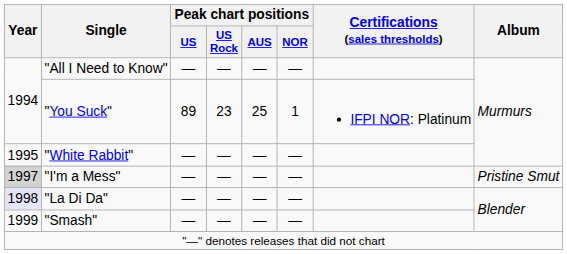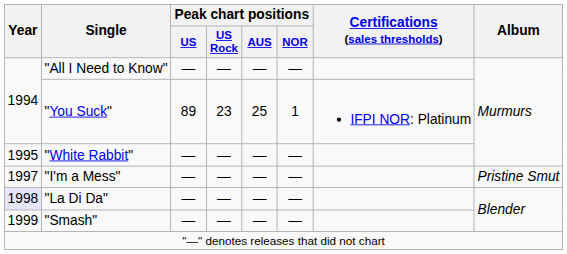 <table class="wikitable" style="text-align:center;">
 <tr>
 <th rowspan="2">Year</th>
 <th rowspan="2">Single</th>
 <th colspan="4">Peak chart positions</th>
 <th rowspan="2"><a href='#'>Certifications</a><br><small>(<a href='#'>sales thresholds</a>)</small></th>
 <th rowspan="2">Album</th>
 </tr>
 <tr style="font-size:smaller;">
 <th width="35"><a href='#'>US</a><br></th>
 <th width="35"><a href='#'>US<br>Rock</a><br></th>
 <th width="35"><a href='#'>AUS</a><br></th>
 <th width="35"><a href='#'>NOR</a><br></th>
 </tr>
 <tr>
 <td rowspan=2>1994</td>
 <td align="left">"All I Need to Know"</td>
 <td>—</td>
 <td>—</td>
 <td>—</td>
 <td>—</td>
 <td></td>
 <td align="left" rowspan="3"><em>Murmurs</em></td>
 </tr>
 <tr>
 <td align="left">"<a href='#'>You Suck</a>"</td>
 <td>89</td>
 <td>23</td>
 <td>25</td>
 <td>1</td>
 <td><br><ul><li><a href='#'>IFPI NOR</a>: Platinum</li></ul></td>
 </tr>
 <tr>
 <td>1995</td>
 <td align="left">"<a href='#'>White Rabbit</a>"</td>
 <td>—</td>
 <td>—</td>
 <td>—</td>
 <td>—</td>
 <td></td>
 </tr>
 <tr>
-<td style="background: lightgrey;">1997</td>
+<td>1997</td>
 <td align="left">"I'm a Mess"</td>
 <td>—</td>
 <td>—</td>
 <td>—</td>
 <td>—</td>
 <td></td>
 <td align="left"><em>Pristine Smut</em></td>
 </tr>
 <tr>
 <td style="background: lavender;">1998</td>
 <td align="left">"La Di Da"</td>
 <td>—</td>
 <td>—</td>
 <td>—</td>
 <td>—</td>
 <td></td>
 <td align="left" rowspan="2"><em>Blender</em></td>
 </tr>
 <tr>
 <td>1999</td>
 <td align="left">"Smash"</td>
 <td>—</td>
 <td>—</td>
 <td>—</td>
 <td>—</td>
 <td></td>
 </tr>
 <tr>
 <td colspan="15" style="font-size:85%">"—" denotes releases that did not chart</td>
 </tr>
 </table>
